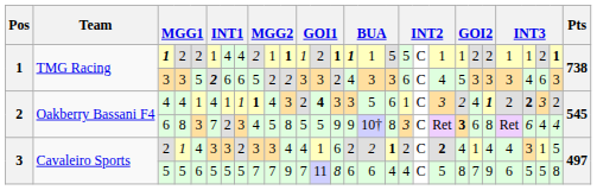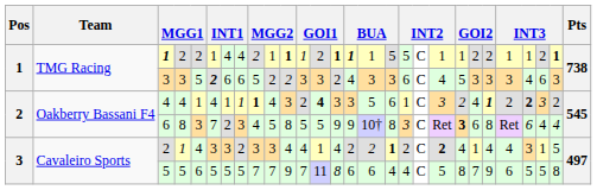 <table class="wikitable" style="font-size:85%; text-align:center">
 <tr>
 <th>Pos</th>
 <th>Team</th>
 <th colspan=3><br><a href='#'>MGG1</a></th>
 <th colspan=3><br><a href='#'>INT1</a></th>
 <th colspan=3><br><a href='#'>MGG2</a></th>
 <th colspan=3><br><a href='#'>GOI1</a></th>
 <th colspan=3><br><a href='#'>BUA</a></th>
 <th colspan=3><br><a href='#'>INT2</a></th>
 <th colspan=3><br><a href='#'>GOI2</a></th>
 <th colspan=4><br><a href='#'>INT3</a></th>
 <th>Pts</th>
 </tr>
 <tr>
 <th rowspan=2>1</th>
 <td rowspan=2 style="text-align:left"><a href='#'>TMG Racing</a></td>
 <td style="background:#FFFFBF"><strong><em>1</em></strong></td>
 <td style="background:#DFDFDF">2</td>
 <td style="background:#DFDFDF">2</td>
 <td style="background:#FFFFBF">1</td>
 <td style="background:#DFFFDF">4</td>
 <td style="background:#DFFFDF">4</td>
 <td style="background:#DFDFDF"><em>2</em></td>
 <td style="background:#FFFFBF">1</td>
 <td style="background:#FFFFBF"><strong>1</strong></td>
 <td style="background:#FFFFBF"><em>1</em></td>
 <td style="background:#DFDFDF">2</td>
 <td style="background:#FFFFBF"><strong>1</strong></td>
 <td style="background:#FFFFBF"><strong><em>1</em></strong></td>
 <td style="background:#FFFFBF">1</td>
 <td style="background:#DFDFDF">5</td>
 <td style="background:#DFFFDF">5</td>
 <td style="background:#FFFFFF">C</td>
 <td style="background:#FFFFBF">1</td>
 <td style="background:#FFFFBF">1</td>
 <td style="background:#DFDFDF">2</td>
 <td style="background:#DFDFDF">2</td>
 <td style="background:#FFFFBF">1</td>
 <td style="background:#FFFFBF">1</td>
 <td style="background:#DFDFDF">2</td>
 <td style="background:#FFFFBF"><strong>1</strong></td>
 <th rowspan=2>738</th>
 </tr>
 <tr>
 <td style="background:#FFDF9F">3</td>
 <td style="background:#FFDF9F">3</td>
 <td style="background:#DFFFDF">5</td>
 <td style="background:#DFDFDF"><strong><em>2</em></strong></td>
 <td style="background:#DFFFDF">6</td>
 <td style="background:#DFFFDF">6</td>
 <td style="background:#DFFFDF">5</td>
 <td style="background:#DFDFDF">2</td>
 <td style="background:#DFDFDF"><em>2</em></td>
 <td style="background:#FFDF9F">3</td>
 <td style="background:#FFDF9F">3</td>
 <td style="background:#DFDFDF">2</td>
 <td style="background:#DFFFDF">4</td>
 <td style="background:#FFDF9F">3</td>
 <td style="background:#FFDF9F">3</td>
 <td style="background:#DFFFDF">6</td>
 <td style="background:#FFFFFF">C</td>
 <td style="background:#DFFFDF">4</td>
 <td style="background:#DFFFDF">5</td>
 <td style="background:#FFDF9F">3</td>
 <td style="background:#FFDF9F">3</td>
 <td style="background:#FFDF9F">3</td>
 <td style="background:#DFFFDF">4</td>
 <td style="background:#DFFFDF">6</td>
 <td style="background:#FFDF9F">3</td>
 </tr>
 <tr>
 <th rowspan=2>2</th>
 <td rowspan=2 style="text-align:left" nowrap><a href='#'>Oakberry Bassani F4</a></td>
 <td style="background:#DFFFDF">4</td>
 <td style="background:#DFFFDF">4</td>
 <td style="background:#FFFFBF">1</td>
 <td style="background:#DFFFDF">4</td>
 <td style="background:#FFFFBF">1</td>
 <td style="background:#FFFFBF"><em>1</em></td>
 <td style="background:#FFFFBF"><strong>1</strong></td>
 <td style="background:#DFFFDF">4</td>
 <td style="background:#FFDF9F">3</td>
 <td style="background:#DFDFDF">2</td>
 <td style="background:#DFFFDF"><strong>4</strong></td>
 <td style="background:#FFDF9F">3</td>
 <td style="background:#FFDF9F">3</td>
 <td style="background:#DFFFDF">5</td>
 <td style="background:#DFFFDF">6</td>
 <td style="background:#FFFFBF">1</td>
 <td style="background:#FFFFFF">C</td>
 <td style="background:#FFDF9F"><em>3</em></td>
 <td style="background:#DFDFDF"><em>2</em></td>
 <td style="background:#DFFFDF">4</td>
 <td style="background:#FFFFBF"><strong><em>1</em></strong></td>
 <td style="background:#DFDFDF">2</td>
 <td style="background:#DFDFDF"><strong>2</strong></td>
 <td style="background:#FFDF9F"><em>3</em></td>
 <td style="background:#DFDFDF">2</td>
 <th rowspan=2>545</th>
 </tr>
 <tr>
 <td style="background:#DFFFDF">6</td>
 <td style="background:#DFFFDF">8</td>
 <td style="background:#FFDF9F">3</td>
 <td style="background:#DFFFDF">7</td>
 <td style="background:#DFDFDF">2</td>
 <td style="background:#FFDF9F">3</td>
 <td style="background:#DFFFDF">4</td>
 <td style="background:#DFFFDF">5</td>
 <td style="background:#DFFFDF">8</td>
 <td style="background:#DFFFDF">5</td>
 <td style="background:#DFFFDF">5</td>
 <td style="background:#DFFFDF">9</td>
 <td style="background:#DFFFDF">9</td>
 <td style="background:#CFCFFF">10†</td>
 <td style="background:#DFFFDF">8</td>
 <td style="background:#FFDF9F"><em>3</em></td>
 <td style="background:#FFFFFF">C</td>
 <td style="background:#EFCFFF">Ret</td>
 <td style="background:#FFDF9F"><strong>3</strong></td>
 <td style="background:#DFFFDF">6</td>
 <td style="background:#DFFFDF">8</td>
 <td style="background:#EFCFFF">Ret</td>
 <td style="background:#DFFFDF"><em>6</em></td>
 <td style="background:#DFFFDF">4</td>
 <td style="background:#DFFFDF"><em>4</em></td>
 </tr>
 <tr>
 <th rowspan=2>3</th>
 <td rowspan=2 style="text-align:left"><a href='#'>Cavaleiro Sports</a></td>
 <td style="background:#DFDFDF">2</td>
 <td style="background:#FFFFBF"><em>1</em></td>
 <td style="background:#DFFFDF">4</td>
 <td style="background:#FFDF9F">3</td>
 <td style="background:#FFDF9F">3</td>
 <td style="background:#DFDFDF">2</td>
 <td style="background:#FFDF9F">3</td>
 <td style="background:#FFDF9F">3</td>
 <td style="background:#DFFFDF">4</td>
 <td style="background:#DFFFDF">4</td>
 <td style="background:#FFFFBF">1</td>
-<td style="background:#DFFFDF">6</td>
+<td style="background:#DFFFDF">4</td>
 <td style="background:#DFDFDF">2</td>
 <td style="background:#DFDFDF"><em>2</em></td>
 <td style="background:#FFFFBF"><strong>1</strong></td>
 <td style="background:#DFDFDF">2</td>
 <td style="background:#FFFFFF">C</td>
 <td style="background:#DFDFDF"><strong>2</strong></td>
 <td style="background:#DFFFDF">4</td>
 <td style="background:#FFFFBF">1</td>
 <td style="background:#DFFFDF">4</td>
 <td style="background:#DFFFDF">4</td>
 <td style="background:#FFDF9F">3</td>
 <td style="background:#FFFFBF">1</td>
 <td style="background:#DFFFDF">5</td>
 <th rowspan=2>497</th>
 </tr>
 <tr>
 <td style="background:#DFFFDF">5</td>
 <td style="background:#DFFFDF">5</td>
 <td style="background:#DFFFDF">6</td>
 <td style="background:#DFFFDF">5</td>
 <td style="background:#DFFFDF">5</td>
 <td style="background:#DFFFDF">5</td>
 <td style="background:#DFFFDF">7</td>
 <td style="background:#DFFFDF">7</td>
 <td style="background:#DFFFDF">9</td>
 <td style="background:#DFFFDF">7</td>
 <td style="background:#CFCFFF">11</td>
 <td style="background:#DFFFDF"><em>8</em></td>
 <td style="background:#DFFFDF">6</td>
 <td style="background:#DFFFDF">6</td>
 <td style="background:#DFFFDF">4</td>
 <td style="background:#DFFFDF">4</td>
 <td style="background:#FFFFFF">C</td>
 <td style="background:#DFFFDF">5</td>
 <td style="background:#DFFFDF">8</td>
 <td style="background:#DFFFDF">7</td>
 <td style="background:#DFFFDF">9</td>
 <td style="background:#DFFFDF">6</td>
 <td style="background:#DFFFDF">5</td>
 <td style="background:#DFFFDF">5</td>
 <td style="background:#DFFFDF">8</td>
 </tr>
 </table>
